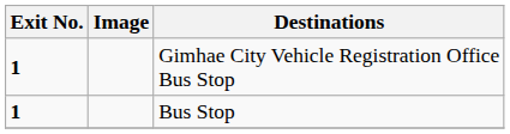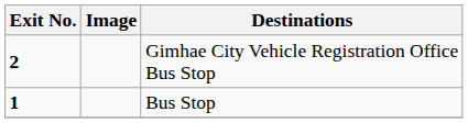 <table class="wikitable">
 <tr>
 <th>Exit No.</th>
 <th>Image</th>
 <th>Destinations</th>
 </tr>
 <tr>
-<td style="background:#"><strong>1</strong></td>
+<td style="background:#"><strong>2</strong></td>
 <td></td>
 <td>Gimhae City Vehicle Registration Office<br>Bus Stop</td>
 </tr>
 <tr>
 <td style="background:#"><strong>1</strong></td>
 <td></td>
 <td>Bus Stop</td>
 </tr>
 <tr>
 </tr>
 </table>
